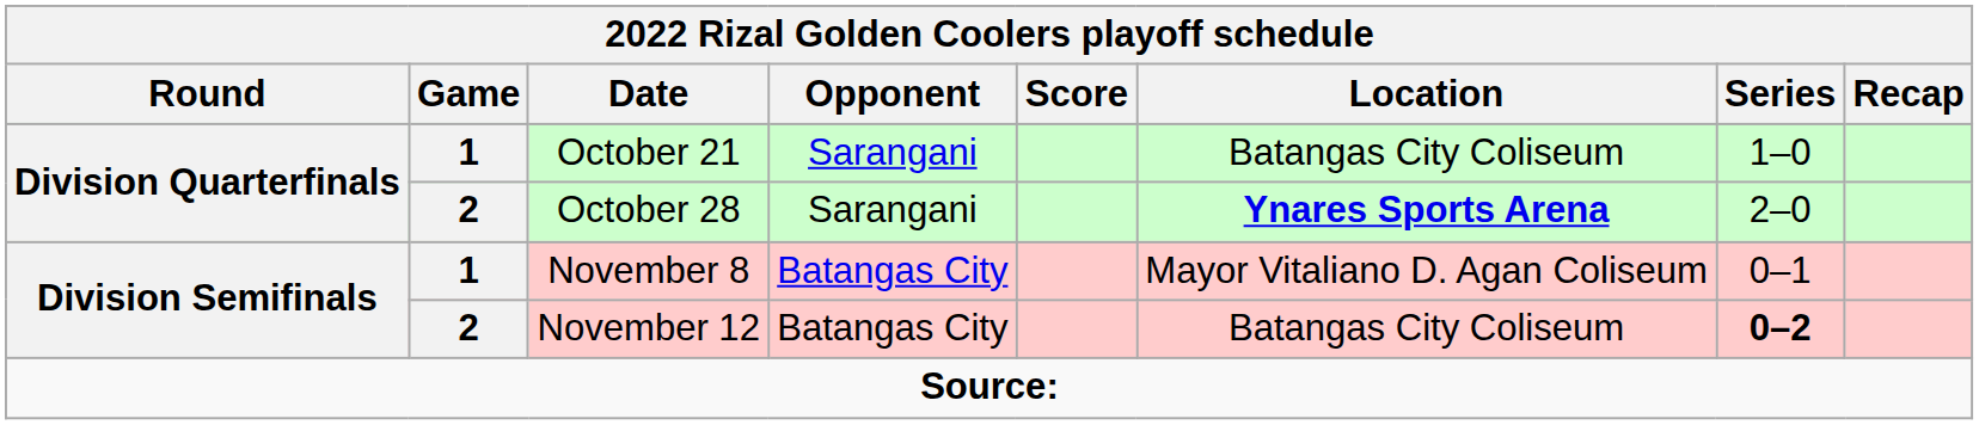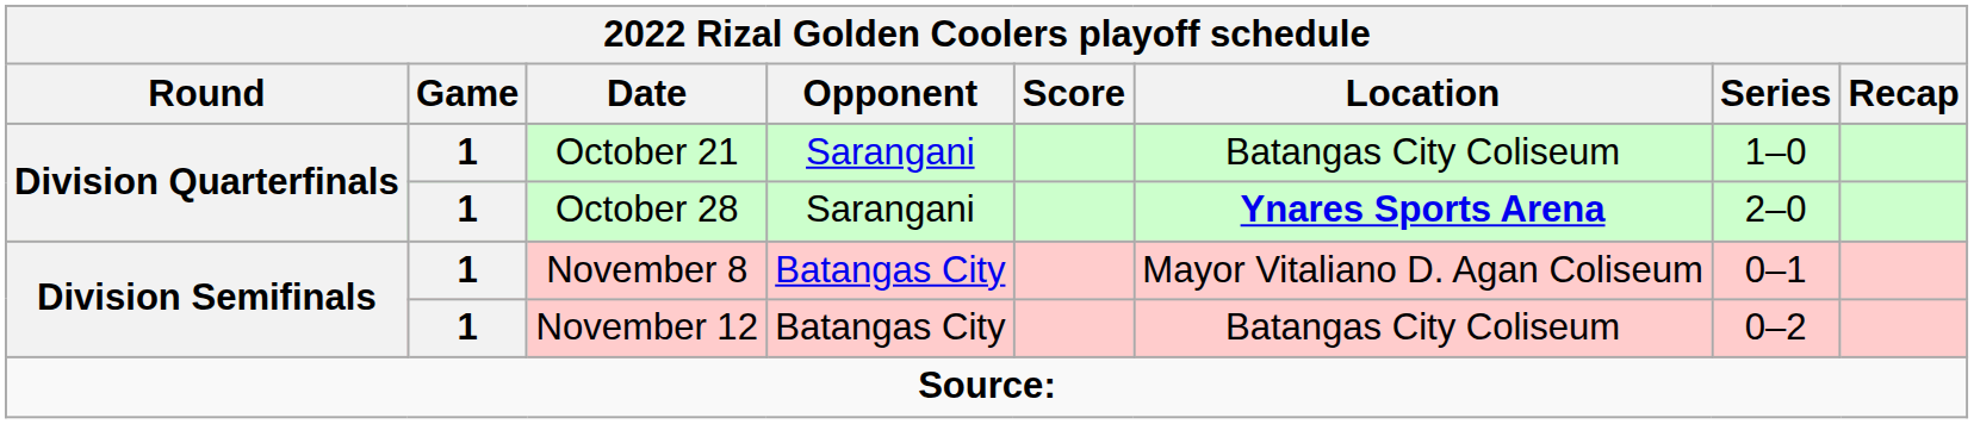 <table class="wikitable" style="text-align:center">
 <tr>
 <th colspan=8>2022 Rizal Golden Coolers playoff schedule</th>
 </tr>
 <tr>
 <th>Round</th>
 <th>Game</th>
 <th>Date</th>
 <th>Opponent</th>
 <th>Score</th>
 <th>Location</th>
 <th>Series</th>
 <th>Recap<br></th>
 </tr>
 <tr style="background:#cfc">
 <th rowspan=2>Division Quarterfinals</th>
 <th>1</th>
 <td>October 21</td>
 <td><a href='#'>Sarangani</a></td>
 <td></td>
 <td>Batangas City Coliseum</td>
 <td>1–0</td>
 <td></td>
 </tr>
 <tr style="background:#cfc">
-<th>2</th>
+<th>1</th>
 <td>October 28</td>
 <td>Sarangani</td>
 <td></td>
 <td><strong><a href='#'>Ynares Sports Arena</a></strong></td>
 <td>2–0</td>
 <td><br></td>
 </tr>
 <tr style="background:#fcc">
 <th rowspan=2>Division Semifinals</th>
 <th>1</th>
 <td>November 8</td>
 <td><a href='#'>Batangas City</a></td>
 <td></td>
 <td>Mayor Vitaliano D. Agan Coliseum</td>
 <td>0–1</td>
 <td></td>
 </tr>
 <tr style="background:#fcc">
-<th>2</th>
+<th>1</th>
 <td>November 12</td>
 <td>Batangas City</td>
 <td></td>
 <td>Batangas City Coliseum</td>
-<td><strong>0–2</strong></td>
+<td>0–2</td>
 <td></td>
 </tr>
 <tr>
 <td colspan=8 align=center><strong>Source: </strong></td>
 </tr>
 </table>
